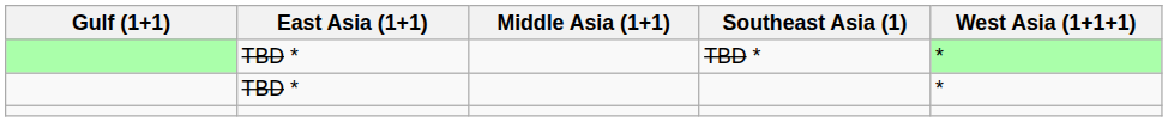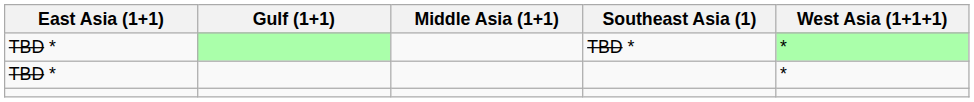 <table class=wikitable style="font-size:90%;">
 <tr>
+<th width=150>East Asia (1+1)</th>
 <th width=150>Gulf (1+1)</th>
-<th width=150>East Asia (1+1)</th>
 <th width=150>Middle Asia (1+1)</th>
 <th width=150>Southeast Asia (1)</th>
 <th width=150>West Asia (1+1+1)</th>
 </tr>
 <tr>
+<td><s>TBD</s> *</td>
 <td bgcolor="#aaffaa"></td>
-<td><s>TBD</s> *</td>
 <td></td>
 <td><s>TBD</s> *</td>
 <td bgcolor="#aaffaa"><s></s> *</td>
 </tr>
 <tr>
+<td><s>TBD</s> *</td>
 <td></td>
-<td><s>TBD</s> *</td>
 <td></td>
 <td></td>
 <td><s></s> *</td>
 </tr>
 <tr>
 <td></td>
 <td></td>
 <td></td>
 <td></td>
 <td></td>
 </tr>
 </table>
